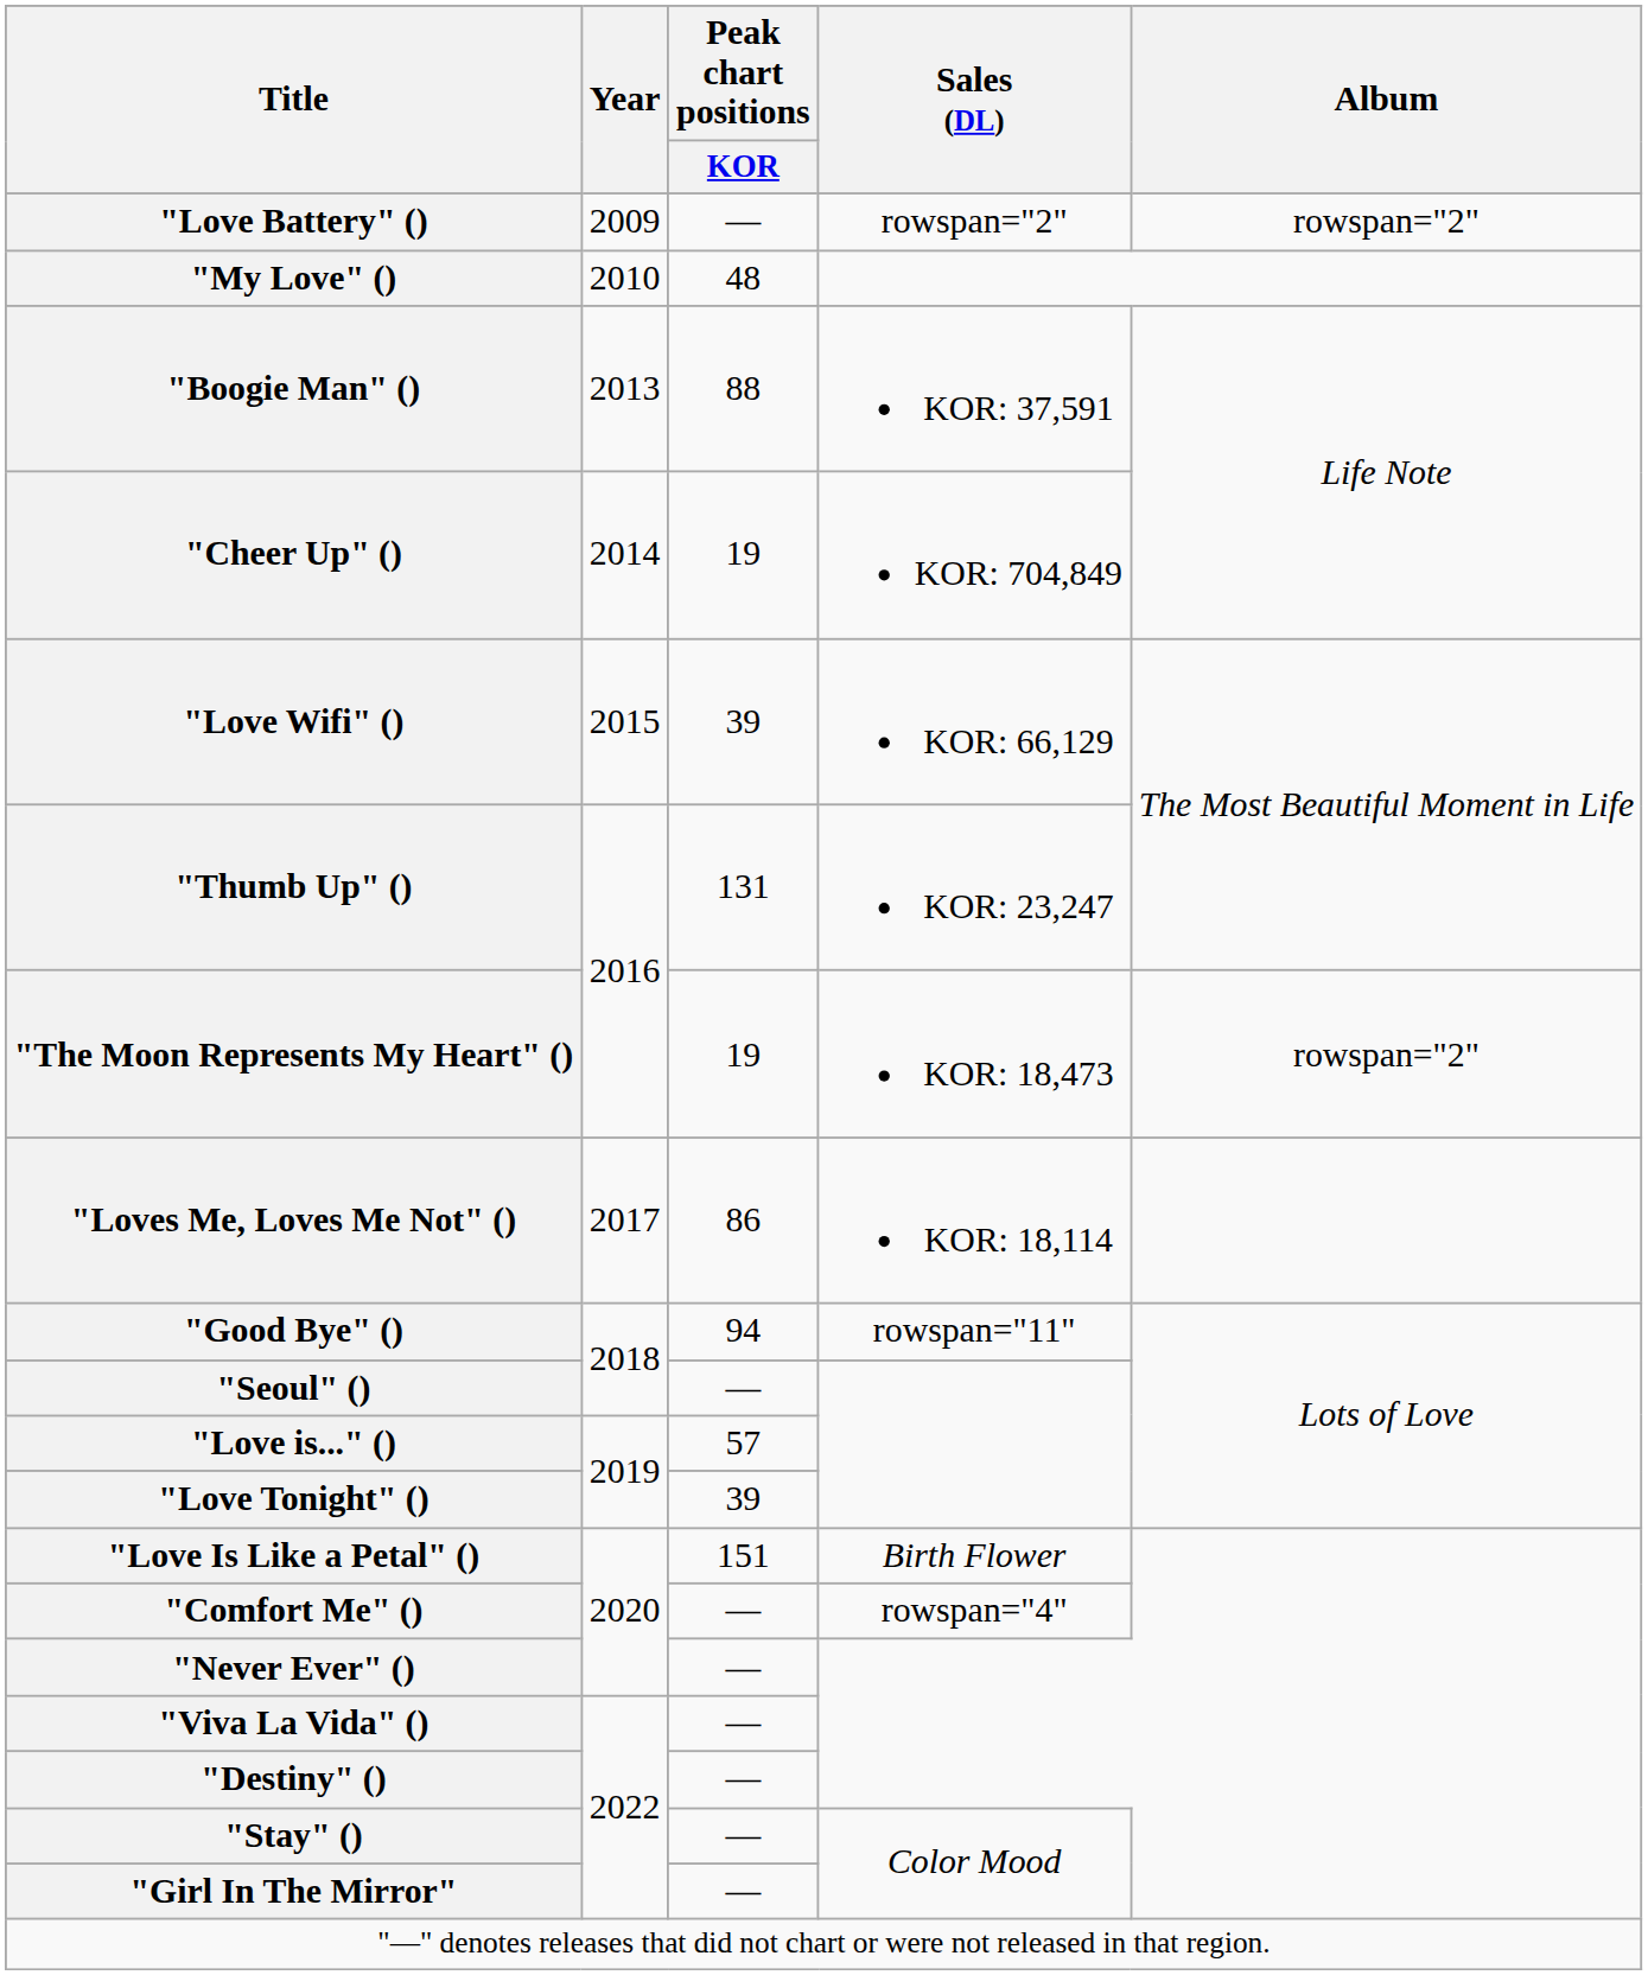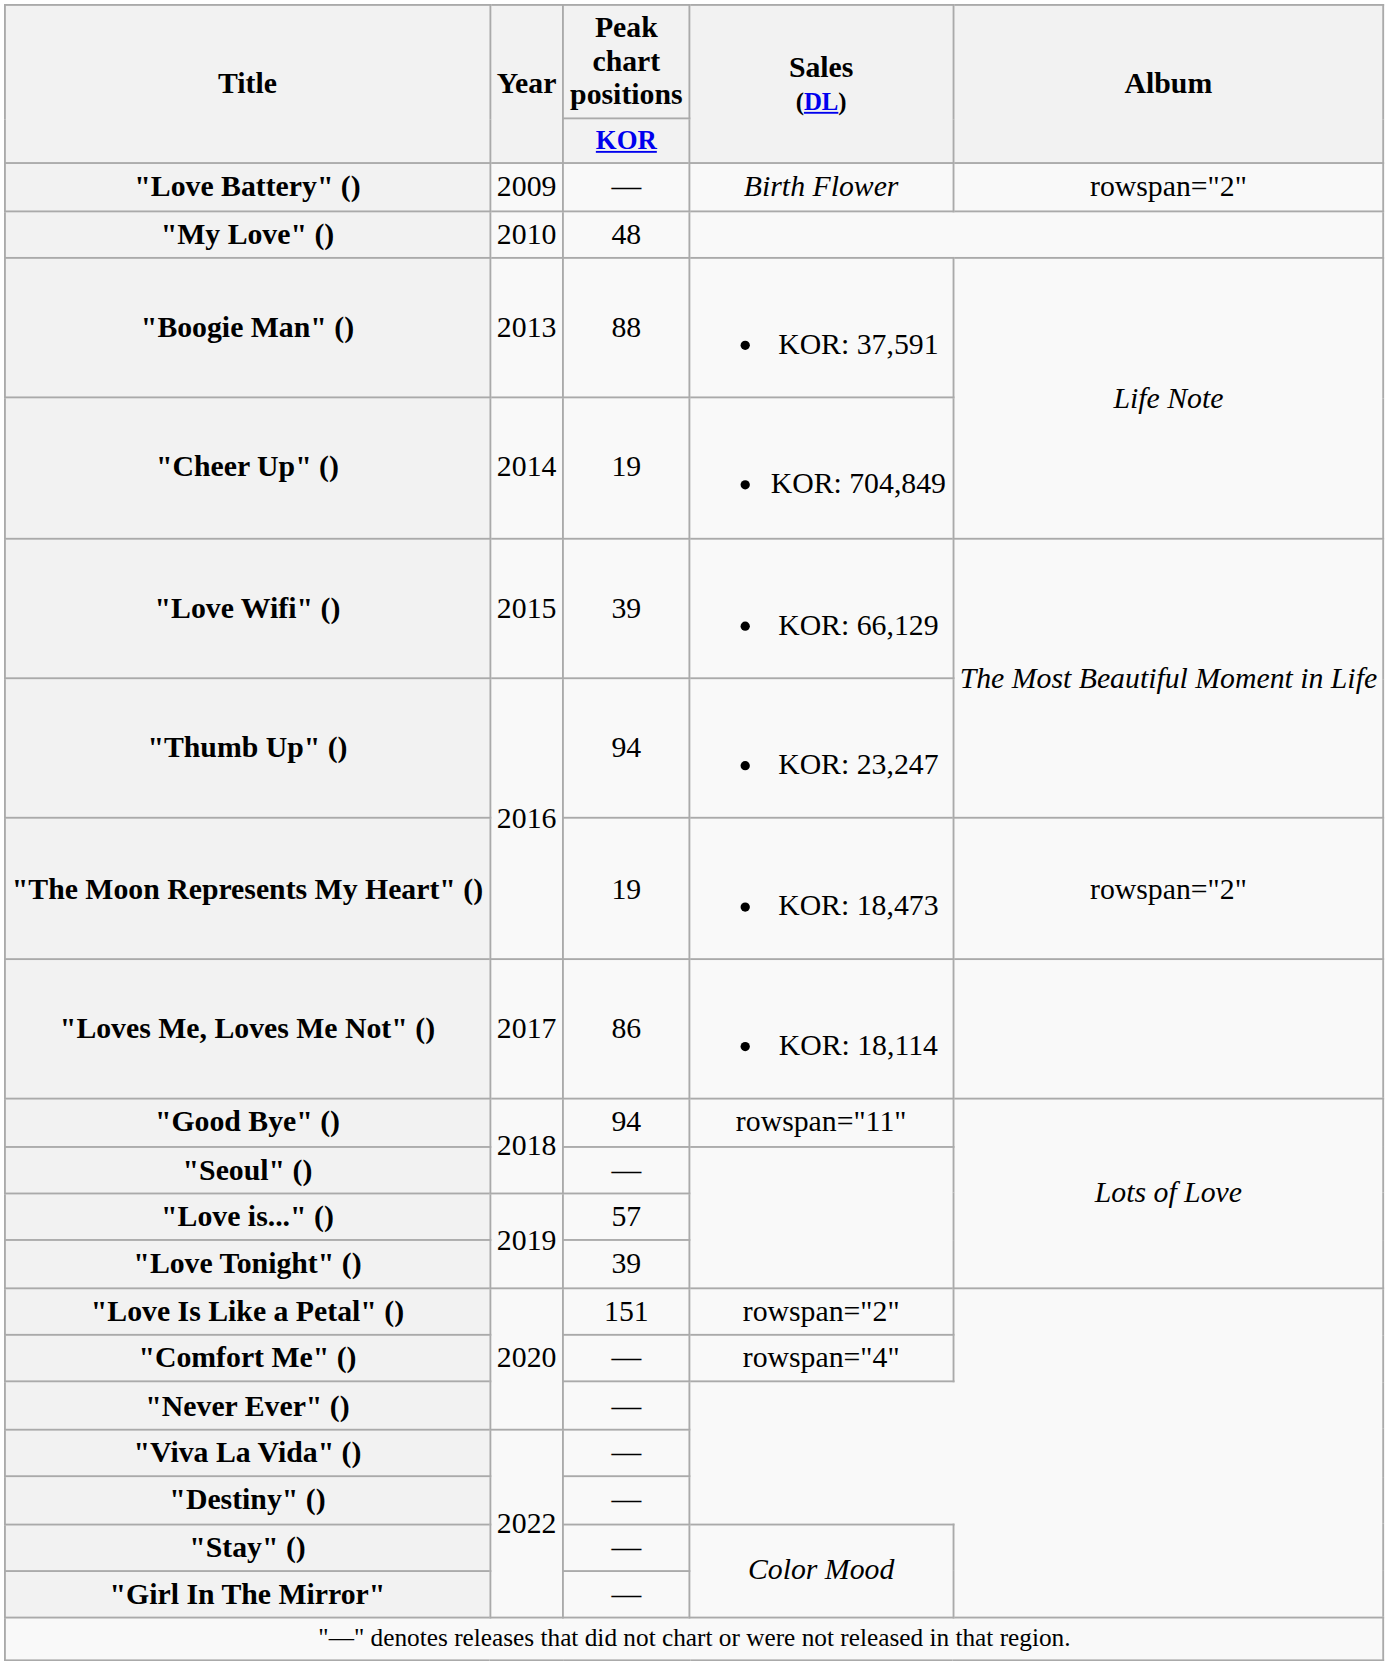 <table class="wikitable plainrowheaders" style="text-align:center">
 <tr>
 <th scope="col" rowspan="2">Title</th>
 <th scope="col" rowspan="2">Year</th>
 <th scope="col">Peak chart positions</th>
 <th scope="col" rowspan="2">Sales<br><small>(<a href='#'>DL</a>)</small></th>
 <th scope="col" rowspan="2">Album</th>
 </tr>
 <tr>
 <th style="width:4em;font-size:90%"><a href='#'>KOR</a><br></th>
 </tr>
 <tr>
 <th scope="row">"Love Battery" ()</th>
 <td>2009</td>
 <td>—</td>
-<td>rowspan="2" </td>
+<td><em>Birth Flower</em></td>
 <td>rowspan="2" </td>
 </tr>
 <tr>
 <th scope="row">"My Love" ()</th>
 <td>2010</td>
 <td>48</td>
 </tr>
 <tr>
 <th scope="row">"Boogie Man" ()</th>
 <td>2013</td>
 <td>88</td>
 <td><br><ul><li>KOR: 37,591</li></ul></td>
 <td rowspan="2"><em>Life Note</em></td>
 </tr>
 <tr>
 <th scope="row">"Cheer Up" ()</th>
 <td>2014</td>
 <td>19</td>
 <td><br><ul><li>KOR: 704,849</li></ul></td>
 </tr>
 <tr>
 <th scope="row">"Love Wifi" ()</th>
 <td>2015</td>
 <td>39</td>
 <td><br><ul><li>KOR: 66,129</li></ul></td>
 <td rowspan="2"><em>The Most Beautiful Moment in Life</em></td>
 </tr>
 <tr>
 <th scope="row">"Thumb Up" ()</th>
 <td rowspan="2">2016</td>
-<td>131</td>
+<td>94</td>
 <td><br><ul><li>KOR: 23,247</li></ul></td>
 </tr>
 <tr>
 <th scope="row">"The Moon Represents My Heart" ()</th>
 <td>19</td>
 <td><br><ul><li>KOR: 18,473</li></ul></td>
 <td>rowspan="2" </td>
 </tr>
 <tr>
 <th scope="row">"Loves Me, Loves Me Not" ()</th>
 <td>2017</td>
 <td>86</td>
 <td><br><ul><li>KOR: 18,114</li></ul></td>
 </tr>
 <tr>
 <th scope="row">"Good Bye" ()</th>
 <td rowspan="2">2018</td>
 <td>94</td>
 <td>rowspan="11" </td>
 <td rowspan="4"><em>Lots of Love</em></td>
 </tr>
 <tr>
 <th scope="row">"Seoul" ()<br></th>
 <td>—</td>
 </tr>
 <tr>
 <th scope="row">"Love is..." ()</th>
 <td rowspan="2">2019</td>
 <td>57</td>
 </tr>
 <tr>
 <th scope="row">"Love Tonight" ()</th>
 <td>39</td>
 </tr>
 <tr>
 <th scope="row">"Love Is Like a Petal" ()</th>
 <td rowspan="3">2020</td>
 <td>151</td>
-<td><em>Birth Flower</em></td>
+<td>rowspan="2" </td>
 </tr>
 <tr>
 <th scope="row">"Comfort Me" ()</th>
 <td>—</td>
 <td>rowspan="4" </td>
 </tr>
 <tr>
 <th scope="row">"Never Ever" ()</th>
 <td>—</td>
 </tr>
 <tr>
 <th scope="row">"Viva La Vida" ()</th>
 <td rowspan="4">2022</td>
 <td>—</td>
 </tr>
 <tr>
 <th scope="row">"Destiny" ()</th>
 <td>—</td>
 </tr>
 <tr>
 <th scope="row">"Stay" ()</th>
 <td>—</td>
 <td rowspan="2"><em>Color Mood</em></td>
 </tr>
 <tr>
 <th scope="row">"Girl In The Mirror"<br></th>
 <td>—</td>
 </tr>
 <tr>
 <td colspan="5" style="font-size:85%">"—" denotes releases that did not chart or were not released in that region.</td>
 </tr>
 </table>
